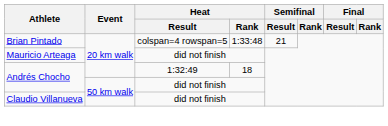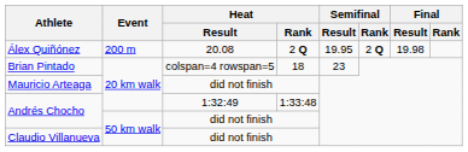 <table class="wikitable"  style=font-size:90%>
 <tr>
 <th rowspan="2">Athlete</th>
 <th rowspan="2">Event</th>
 <th colspan="2">Heat</th>
 <th colspan="2">Semifinal</th>
 <th colspan="2">Final</th>
 </tr>
 <tr>
 <th>Result</th>
 <th>Rank</th>
 <th>Result</th>
 <th>Rank</th>
 <th>Result</th>
 <th>Rank</th>
 </tr>
 <tr style=text-align:center>
+<td style=text-align:left><a href='#'>Álex Quiñónez</a></td>
+<td style=text-align:left><a href='#'>200 m</a></td>
+<td>20.08</td>
+<td>2 <strong>Q</strong></td>
+<td>19.95</td>
+<td>2 <strong>Q</strong></td>
+<td>19.98</td>
+<td></td>
+</tr>
+<tr style=text-align:center>
 <td style=text-align:left><a href='#'>Brian Pintado</a></td>
 <td style=text-align:left rowspan=3><a href='#'>20 km walk</a></td>
 <td>colspan=4 rowspan=5</td>
-<td>1:33:48</td>
-<td>21</td>
+<td>18</td>
+<td>23</td>
 </tr>
 <tr style=text-align:center>
 <td style=text-align:left><a href='#'>Mauricio Arteaga</a></td>
 <td colspan=2>did not finish</td>
 </tr>
 <tr style=text-align:center>
 <td style=text-align:left rowspan=2><a href='#'>Andrés Chocho</a></td>
 <td>1:32:49</td>
-<td>18</td>
+<td>1:33:48</td>
 </tr>
 <tr style=text-align:center>
 <td style=text-align:left rowspan=2><a href='#'>50 km walk</a></td>
 <td colspan=2>did not finish</td>
 </tr>
 <tr style=text-align:center>
 <td style=text-align:left><a href='#'>Claudio Villanueva</a></td>
 <td colspan=2>did not finish</td>
 </tr>
 </table>
